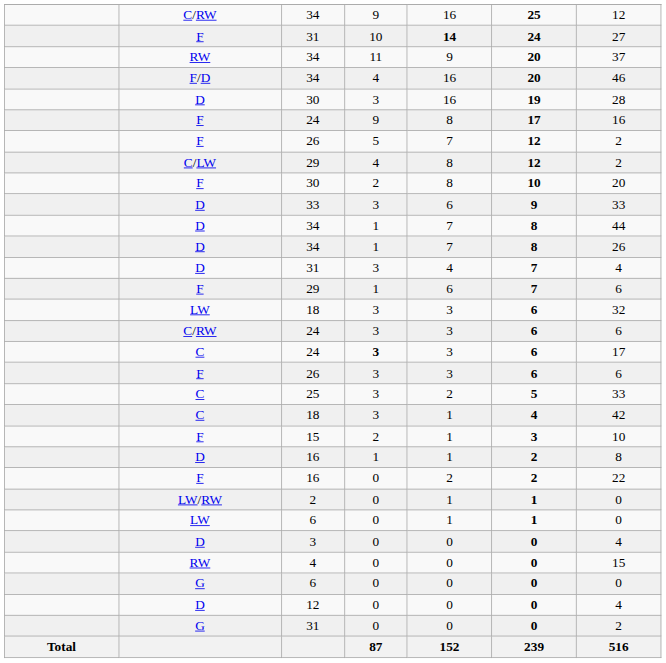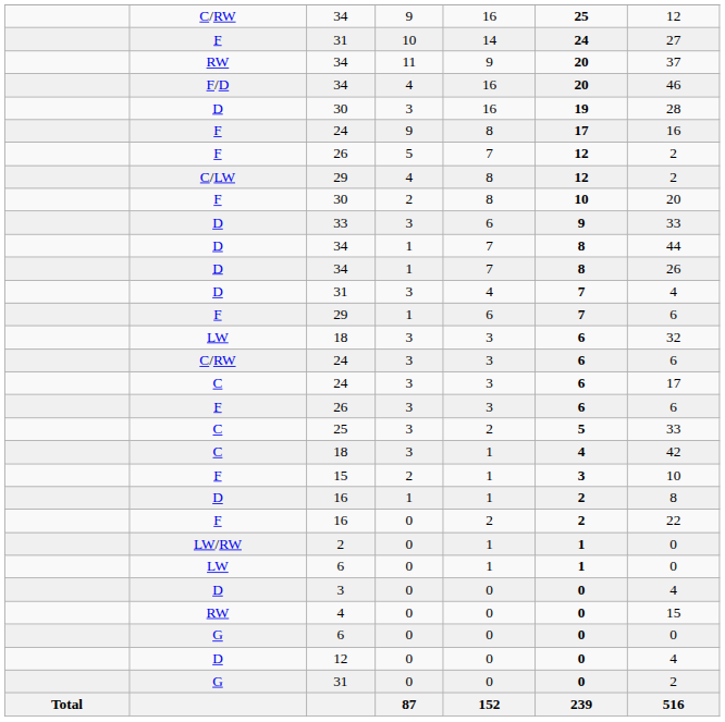 <table class="wikitable sortable" width ="50%">
 <tr align="center">
 </tr>
 <tr align="center" bgcolor="">
 <td></td>
 <td><a href='#'>C</a>/<a href='#'>RW</a></td>
 <td>34</td>
 <td>9</td>
 <td>16</td>
 <td><strong>25</strong></td>
 <td>12</td>
 </tr>
 <tr align="center" bgcolor="f0f0f0">
 <td></td>
 <td><a href='#'>F</a></td>
 <td>31</td>
 <td>10</td>
-<td><strong>14</strong></td>
+<td>14</td>
 <td><strong>24</strong></td>
 <td>27</td>
 </tr>
 <tr align="center" bgcolor="">
 <td></td>
 <td><a href='#'>RW</a></td>
 <td>34</td>
 <td>11</td>
 <td>9</td>
 <td><strong>20</strong></td>
 <td>37</td>
 </tr>
 <tr align="center" bgcolor="f0f0f0">
 <td></td>
 <td><a href='#'>F</a>/<a href='#'>D</a></td>
 <td>34</td>
 <td>4</td>
 <td>16</td>
 <td><strong>20</strong></td>
 <td>46</td>
 </tr>
 <tr align="center" bgcolor="">
 <td></td>
 <td><a href='#'>D</a></td>
 <td>30</td>
 <td>3</td>
 <td>16</td>
 <td><strong>19</strong></td>
 <td>28</td>
 </tr>
 <tr align="center" bgcolor="f0f0f0">
 <td></td>
 <td><a href='#'>F</a></td>
 <td>24</td>
 <td>9</td>
 <td>8</td>
 <td><strong>17</strong></td>
 <td>16</td>
 </tr>
 <tr align="center" bgcolor="">
 <td></td>
 <td><a href='#'>F</a></td>
 <td>26</td>
 <td>5</td>
 <td>7</td>
 <td><strong>12</strong></td>
 <td>2</td>
 </tr>
 <tr align="center" bgcolor="f0f0f0">
 <td></td>
 <td><a href='#'>C</a>/<a href='#'>LW</a></td>
 <td>29</td>
 <td>4</td>
 <td>8</td>
 <td><strong>12</strong></td>
 <td>2</td>
 </tr>
 <tr align="center" bgcolor="">
 <td></td>
 <td><a href='#'>F</a></td>
 <td>30</td>
 <td>2</td>
 <td>8</td>
 <td><strong>10</strong></td>
 <td>20</td>
 </tr>
 <tr align="center" bgcolor="f0f0f0">
 <td></td>
 <td><a href='#'>D</a></td>
 <td>33</td>
 <td>3</td>
 <td>6</td>
 <td><strong>9</strong></td>
 <td>33</td>
 </tr>
 <tr align="center" bgcolor="">
 <td></td>
 <td><a href='#'>D</a></td>
 <td>34</td>
 <td>1</td>
 <td>7</td>
 <td><strong>8</strong></td>
 <td>44</td>
 </tr>
 <tr align="center" bgcolor="f0f0f0">
 <td></td>
 <td><a href='#'>D</a></td>
 <td>34</td>
 <td>1</td>
 <td>7</td>
 <td><strong>8</strong></td>
 <td>26</td>
 </tr>
 <tr align="center" bgcolor="">
 <td></td>
 <td><a href='#'>D</a></td>
 <td>31</td>
 <td>3</td>
 <td>4</td>
 <td><strong>7</strong></td>
 <td>4</td>
 </tr>
 <tr align="center" bgcolor="f0f0f0">
 <td></td>
 <td><a href='#'>F</a></td>
 <td>29</td>
 <td>1</td>
 <td>6</td>
 <td><strong>7</strong></td>
 <td>6</td>
 </tr>
 <tr align="center" bgcolor="">
 <td></td>
 <td><a href='#'>LW</a></td>
 <td>18</td>
 <td>3</td>
 <td>3</td>
 <td><strong>6</strong></td>
 <td>32</td>
 </tr>
 <tr align="center" bgcolor="f0f0f0">
 <td></td>
 <td><a href='#'>C</a>/<a href='#'>RW</a></td>
 <td>24</td>
 <td>3</td>
 <td>3</td>
 <td><strong>6</strong></td>
 <td>6</td>
 </tr>
 <tr align="center" bgcolor="">
 <td></td>
 <td><a href='#'>C</a></td>
 <td>24</td>
-<td><strong>3</strong></td>
+<td>3</td>
 <td>3</td>
 <td><strong>6</strong></td>
 <td>17</td>
 </tr>
 <tr align="center" bgcolor="f0f0f0">
 <td></td>
 <td><a href='#'>F</a></td>
 <td>26</td>
 <td>3</td>
 <td>3</td>
 <td><strong>6</strong></td>
 <td>6</td>
 </tr>
 <tr align="center" bgcolor="">
 <td></td>
 <td><a href='#'>C</a></td>
 <td>25</td>
 <td>3</td>
 <td>2</td>
 <td><strong>5</strong></td>
 <td>33</td>
 </tr>
 <tr align="center" bgcolor="f0f0f0">
 <td></td>
 <td><a href='#'>C</a></td>
 <td>18</td>
 <td>3</td>
 <td>1</td>
 <td><strong>4</strong></td>
 <td>42</td>
 </tr>
 <tr align="center" bgcolor="">
 <td></td>
 <td><a href='#'>F</a></td>
 <td>15</td>
 <td>2</td>
 <td>1</td>
 <td><strong>3</strong></td>
 <td>10</td>
 </tr>
 <tr align="center" bgcolor="f0f0f0">
 <td></td>
 <td><a href='#'>D</a></td>
 <td>16</td>
 <td>1</td>
 <td>1</td>
 <td><strong>2</strong></td>
 <td>8</td>
 </tr>
 <tr align="center" bgcolor="">
 <td></td>
 <td><a href='#'>F</a></td>
 <td>16</td>
 <td>0</td>
 <td>2</td>
 <td><strong>2</strong></td>
 <td>22</td>
 </tr>
 <tr align="center" bgcolor="f0f0f0">
 <td></td>
 <td><a href='#'>LW</a>/<a href='#'>RW</a></td>
 <td>2</td>
 <td>0</td>
 <td>1</td>
 <td><strong>1</strong></td>
 <td>0</td>
 </tr>
 <tr align="center" bgcolor="">
 <td></td>
 <td><a href='#'>LW</a></td>
 <td>6</td>
 <td>0</td>
 <td>1</td>
 <td><strong>1</strong></td>
 <td>0</td>
 </tr>
 <tr align="center" bgcolor="f0f0f0">
 <td></td>
 <td><a href='#'>D</a></td>
 <td>3</td>
 <td>0</td>
 <td>0</td>
 <td><strong>0</strong></td>
 <td>4</td>
 </tr>
 <tr align="center" bgcolor="">
 <td></td>
 <td><a href='#'>RW</a></td>
 <td>4</td>
 <td>0</td>
 <td>0</td>
 <td><strong>0</strong></td>
 <td>15</td>
 </tr>
 <tr align="center" bgcolor="f0f0f0">
 <td></td>
 <td><a href='#'>G</a></td>
 <td>6</td>
 <td>0</td>
 <td>0</td>
 <td><strong>0</strong></td>
 <td>0</td>
 </tr>
 <tr align="center" bgcolor="">
 <td></td>
 <td><a href='#'>D</a></td>
 <td>12</td>
 <td>0</td>
 <td>0</td>
 <td><strong>0</strong></td>
 <td>4</td>
 </tr>
 <tr align="center" bgcolor="f0f0f0">
 <td></td>
 <td><a href='#'>G</a></td>
 <td>31</td>
 <td>0</td>
 <td>0</td>
 <td><strong>0</strong></td>
 <td>2</td>
 </tr>
 <tr>
 <th>Total</th>
 <th></th>
 <th></th>
 <th>87</th>
 <th>152</th>
 <th>239</th>
 <th>516</th>
 </tr>
 </table>
